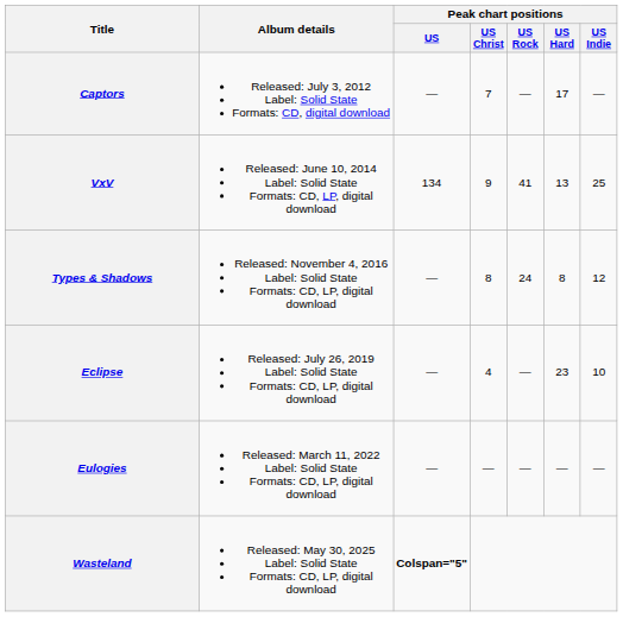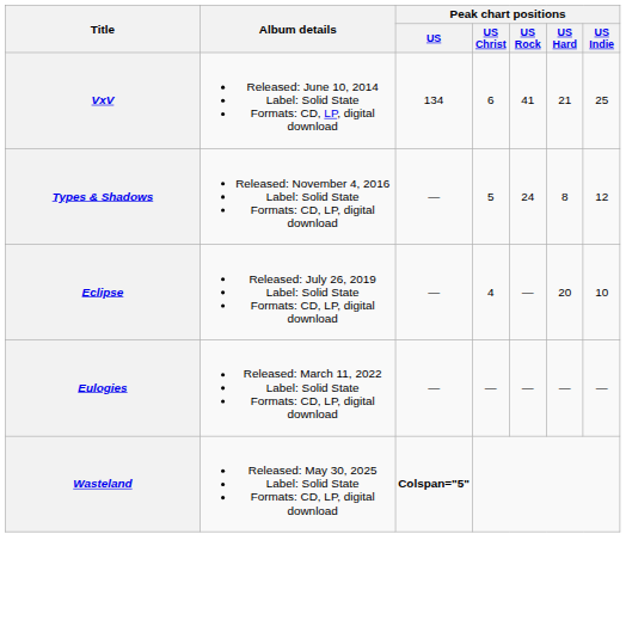 <table class="wikitable plainrowheaders" style="text-align:center;">
 <tr>
 <th scope="col" rowspan="2" style="width:16em;">Title</th>
 <th scope="col" rowspan="2" style="width:16em;">Album details</th>
 <th scope="col" colspan="5">Peak chart positions</th>
 </tr>
 <tr>
 <th style="width:3em; font-size:90%"><a href='#'>US</a><br></th>
 <th style="width:3em; font-size:90%"><a href='#'>US<br>Christ</a><br></th>
 <th style="width:3em; font-size:90%"><a href='#'>US<br>Rock</a><br></th>
 <th style="width:3em; font-size:90%"><a href='#'>US<br>Hard</a><br></th>
 <th style="width:3em; font-size:90%"><a href='#'>US<br>Indie</a><br></th>
 </tr>
 <tr>
-<th scope="row"><em><a href='#'>Captors</a></em></th>
-<td><br><ul><li>Released: July 3, 2012</li><li>Label: <a href='#'>Solid State</a></li><li>Formats: <a href='#'>CD</a>, <a href='#'>digital download</a></li></ul></td>
-<td>—</td>
-<td>7</td>
-<td>—</td>
-<td>17</td>
-<td>—</td>
-</tr>
-<tr>
 <th scope="row"><em><a href='#'>VxV</a></em></th>
 <td><br><ul><li>Released: June 10, 2014</li><li>Label: Solid State</li><li>Formats: CD, <a href='#'>LP</a>, digital download</li></ul></td>
 <td>134</td>
-<td>9</td>
+<td>6</td>
 <td>41</td>
-<td>13</td>
+<td>21</td>
 <td>25</td>
 </tr>
 <tr>
 <th scope="row"><em><a href='#'>Types & Shadows</a></em></th>
 <td><br><ul><li>Released: November 4, 2016</li><li>Label: Solid State</li><li>Formats: CD, LP, digital download</li></ul></td>
 <td>—</td>
-<td>8</td>
+<td>5</td>
 <td>24</td>
 <td>8</td>
 <td>12</td>
 </tr>
 <tr>
 <th scope="row"><em><a href='#'>Eclipse</a></em></th>
 <td><br><ul><li>Released: July 26, 2019</li><li>Label: Solid State</li><li>Formats: CD, LP, digital download</li></ul></td>
 <td>—</td>
 <td>4</td>
 <td>—</td>
-<td>23</td>
+<td>20</td>
 <td>10</td>
 </tr>
 <tr>
 <th scope="row"><em><a href='#'>Eulogies</a></em></th>
 <td><br><ul><li>Released: March 11, 2022</li><li>Label: Solid State</li><li>Formats: CD, LP, digital download</li></ul></td>
 <td>—</td>
 <td>—</td>
 <td>—</td>
 <td>—</td>
 <td>—</td>
 </tr>
 <tr>
 <th scope="row"><em><a href='#'>Wasteland</a></em></th>
 <td><br><ul><li>Released: May 30, 2025</li><li>Label: Solid State</li><li>Formats: CD, LP, digital download</li></ul></td>
 <td><strong>Colspan="5" </strong></td>
 </tr>
 </table>
